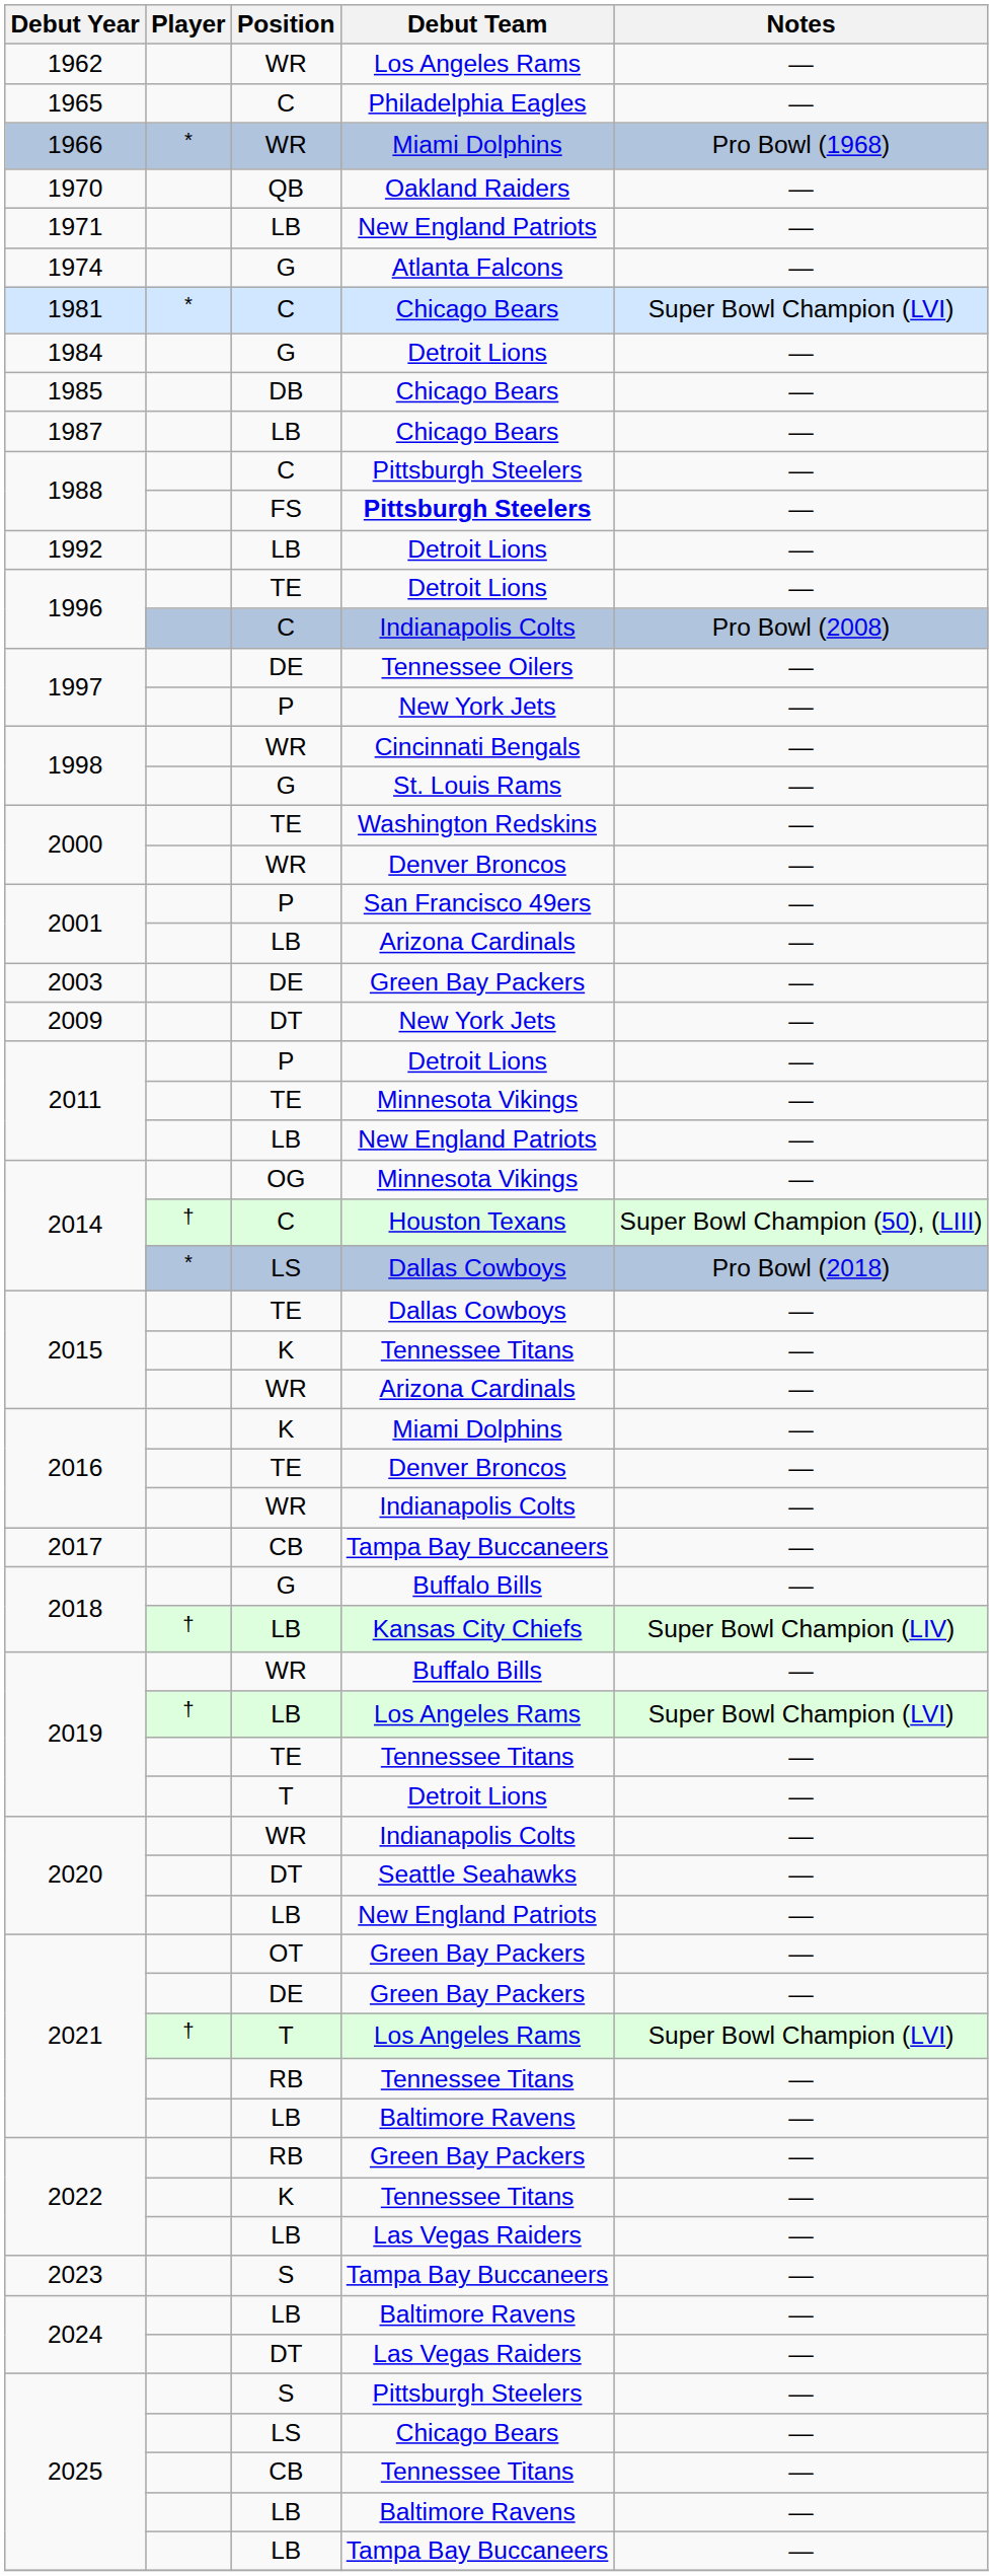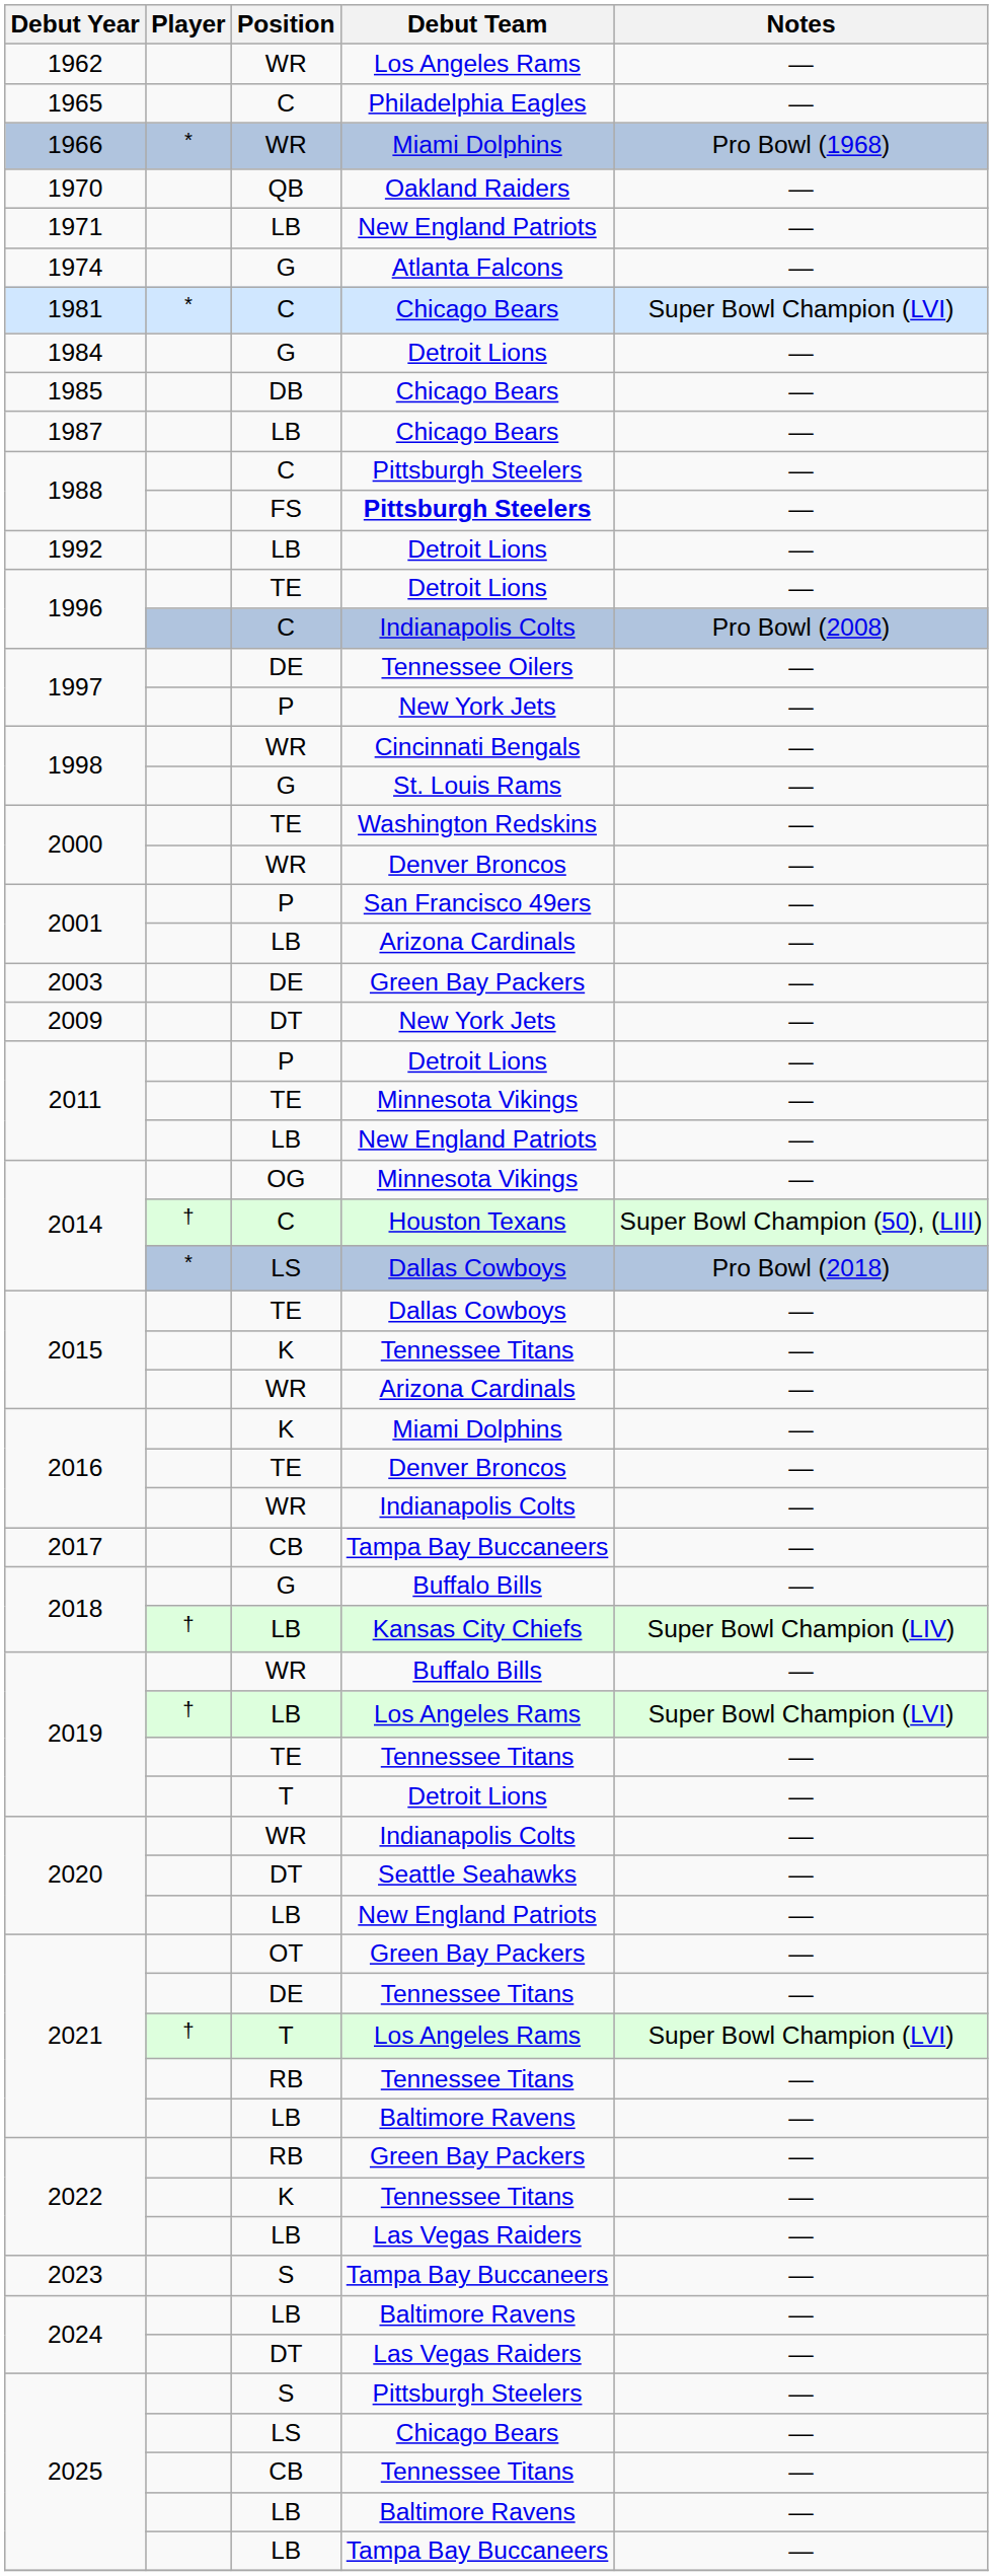 <table class="wikitable sortable" style="text-align: center;">
 <tr>
 <th>Debut Year</th>
 <th>Player</th>
 <th>Position</th>
 <th>Debut Team</th>
 <th>Notes</th>
 </tr>
 <tr>
 <td align="center">1962</td>
 <td align="center"></td>
 <td align="center">WR</td>
 <td align="center"><a href='#'>Los Angeles Rams</a></td>
 <td align="center">—</td>
 </tr>
 <tr>
 <td align="center">1965</td>
 <td align="center"></td>
 <td align="center">C</td>
 <td align="center"><a href='#'>Philadelphia Eagles</a></td>
 <td align="center">—</td>
 </tr>
 <tr style="background-color:lightsteelblue">
 <td align="center">1966</td>
 <td align="center"><sup>*</sup></td>
 <td align="center">WR</td>
 <td align="center"><a href='#'>Miami Dolphins</a></td>
 <td>Pro Bowl (<a href='#'>1968</a>)</td>
 </tr>
 <tr>
 <td align="center">1970</td>
 <td align="center"></td>
 <td align="center">QB</td>
 <td align="center"><a href='#'>Oakland Raiders</a></td>
 <td align="center">—</td>
 </tr>
 <tr>
 <td align="center">1971</td>
 <td align="center"></td>
 <td align="center">LB</td>
 <td align="center"><a href='#'>New England Patriots</a></td>
 <td align="center">—</td>
 </tr>
 <tr>
 <td align="center">1974</td>
 <td align="center"></td>
 <td align="center">G</td>
 <td align="center"><a href='#'>Atlanta Falcons</a></td>
 <td align="center">—</td>
 </tr>
 <tr bgcolor="#D0E7FF">
 <td align="center">1981</td>
 <td align="center"><sup>*</sup></td>
 <td align="center">C</td>
 <td align="center"><a href='#'>Chicago Bears</a></td>
 <td>Super Bowl Champion (<a href='#'>LVI</a>)</td>
 </tr>
 <tr>
 <td align="center">1984</td>
 <td align="center"></td>
 <td align="center">G</td>
 <td align="center"><a href='#'>Detroit Lions</a></td>
 <td align="center">—</td>
 </tr>
 <tr>
 <td align="center">1985</td>
 <td align="center"></td>
 <td align="center">DB</td>
 <td align="center"><a href='#'>Chicago Bears</a></td>
 <td align="center">—</td>
 </tr>
 <tr>
 <td align="center">1987</td>
 <td align="center"></td>
 <td align="center">LB</td>
 <td align="center"><a href='#'>Chicago Bears</a></td>
 <td align="center">—</td>
 </tr>
 <tr>
 <td rowspan="2">1988</td>
 <td align="center"></td>
 <td align="center">C</td>
 <td align="center"><a href='#'>Pittsburgh Steelers</a></td>
 <td align="center">—</td>
 </tr>
 <tr>
 <td align="center"></td>
 <td align="center">FS</td>
 <td align="center"><strong><a href='#'>Pittsburgh Steelers</a></strong></td>
 <td align="center">—</td>
 </tr>
 <tr>
 <td align="center">1992</td>
 <td align="center"></td>
 <td align="center">LB</td>
 <td align="center"><a href='#'>Detroit Lions</a></td>
 <td align="center">—</td>
 </tr>
 <tr>
 <td rowspan="2">1996</td>
 <td align="center"></td>
 <td align="center">TE</td>
 <td align="center"><a href='#'>Detroit Lions</a></td>
 <td align="center">—</td>
 </tr>
 <tr style="background-color:lightsteelblue">
 <td align="center"></td>
 <td align="center">C</td>
 <td align="center"><a href='#'>Indianapolis Colts</a></td>
 <td>Pro Bowl (<a href='#'>2008</a>)</td>
 </tr>
 <tr>
 <td rowspan="2">1997</td>
 <td align="center"></td>
 <td align="center">DE</td>
 <td align="center"><a href='#'>Tennessee Oilers</a></td>
 <td align="center">—</td>
 </tr>
 <tr>
 <td align="center"></td>
 <td align="center">P</td>
 <td align="center"><a href='#'>New York Jets</a></td>
 <td align="center">—</td>
 </tr>
 <tr>
 <td rowspan="2">1998</td>
 <td align="center"></td>
 <td align="center">WR</td>
 <td align="center"><a href='#'>Cincinnati Bengals</a></td>
 <td align="center">—</td>
 </tr>
 <tr>
 <td align="center"></td>
 <td align="center">G</td>
 <td align="center"><a href='#'>St. Louis Rams</a></td>
 <td align="center">—</td>
 </tr>
 <tr>
 <td rowspan="2">2000</td>
 <td align="center"></td>
 <td align="center">TE</td>
 <td align="center"><a href='#'>Washington Redskins</a></td>
 <td align="center">—</td>
 </tr>
 <tr>
 <td align="center"></td>
 <td align="center">WR</td>
 <td align="center"><a href='#'>Denver Broncos</a></td>
 <td align="center">—</td>
 </tr>
 <tr>
 <td rowspan="2">2001</td>
 <td align="center"></td>
 <td align="center">P</td>
 <td align="center"><a href='#'>San Francisco 49ers</a></td>
 <td align="center">—</td>
 </tr>
 <tr>
 <td align="center"></td>
 <td align="center">LB</td>
 <td align="center"><a href='#'>Arizona Cardinals</a></td>
 <td align="center">—</td>
 </tr>
 <tr>
 <td align="center">2003</td>
 <td align="center"></td>
 <td align="center">DE</td>
 <td align="center"><a href='#'>Green Bay Packers</a></td>
 <td align="center">—</td>
 </tr>
 <tr>
 <td align="center">2009</td>
 <td align="center"></td>
 <td align="center">DT</td>
 <td align="center"><a href='#'>New York Jets</a></td>
 <td align="center">—</td>
 </tr>
 <tr>
 <td rowspan="3">2011</td>
 <td align="center"></td>
 <td align="center">P</td>
 <td align="center"><a href='#'>Detroit Lions</a></td>
 <td align="center">—</td>
 </tr>
 <tr>
 <td align="center"></td>
 <td align="center">TE</td>
 <td align="center"><a href='#'>Minnesota Vikings</a></td>
 <td align="center">—</td>
 </tr>
 <tr>
 <td align="center"></td>
 <td align="center">LB</td>
 <td align="center"><a href='#'>New England Patriots</a></td>
 <td align="center">—</td>
 </tr>
 <tr>
 <td rowspan="3">2014</td>
 <td align="center"></td>
 <td align="center">OG</td>
 <td align="center"><a href='#'>Minnesota Vikings</a></td>
 <td align="center">—</td>
 </tr>
 <tr bgcolor="#DDFFDD">
 <td align="center"><sup>†</sup></td>
 <td align="center">C</td>
 <td align="center"><a href='#'>Houston Texans</a></td>
 <td>Super Bowl Champion (<a href='#'>50</a>), (<a href='#'>LIII</a>)</td>
 </tr>
 <tr style="background-color:lightsteelblue">
 <td align="center"><sup>*</sup></td>
 <td align="center">LS</td>
 <td align="center"><a href='#'>Dallas Cowboys</a></td>
 <td>Pro Bowl (<a href='#'>2018</a>)</td>
 </tr>
 <tr>
 <td rowspan="3">2015</td>
 <td align="center"></td>
 <td align="center">TE</td>
 <td align="center"><a href='#'>Dallas Cowboys</a></td>
 <td align="center">—</td>
 </tr>
 <tr>
 <td align="center"></td>
 <td align="center">K</td>
 <td align="center"><a href='#'>Tennessee Titans</a></td>
 <td align="center">—</td>
 </tr>
 <tr>
 <td align="center"></td>
 <td align="center">WR</td>
 <td align="center"><a href='#'>Arizona Cardinals</a></td>
 <td align="center">—</td>
 </tr>
 <tr>
 <td rowspan="3">2016</td>
 <td align="center"></td>
 <td align="center">K</td>
 <td align="center"><a href='#'>Miami Dolphins</a></td>
 <td align="center">—</td>
 </tr>
 <tr>
 <td align="center"></td>
 <td align="center">TE</td>
 <td align="center"><a href='#'>Denver Broncos</a></td>
 <td align="center">—</td>
 </tr>
 <tr>
 <td align="center"></td>
 <td align="center">WR</td>
 <td align="center"><a href='#'>Indianapolis Colts</a></td>
 <td align="center">—</td>
 </tr>
 <tr>
 <td align="center">2017</td>
 <td align="center"></td>
 <td align="center">CB</td>
 <td align="center"><a href='#'>Tampa Bay Buccaneers</a></td>
 <td align="center">—</td>
 </tr>
 <tr>
 <td rowspan="2">2018</td>
 <td align="center"></td>
 <td align="center">G</td>
 <td align="center"><a href='#'>Buffalo Bills</a></td>
 <td align="center">—</td>
 </tr>
 <tr bgcolor="#DDFFDD">
 <td align="center"><sup>†</sup></td>
 <td align="center">LB</td>
 <td align="center"><a href='#'>Kansas City Chiefs</a></td>
 <td>Super Bowl Champion (<a href='#'>LIV</a>)</td>
 </tr>
 <tr>
 <td rowspan="4">2019</td>
 <td align="center"></td>
 <td align="center">WR</td>
 <td align="center"><a href='#'>Buffalo Bills</a></td>
 <td align="center">—</td>
 </tr>
 <tr bgcolor="#DDFFDD">
 <td align="center"><sup>†</sup></td>
 <td align="center">LB</td>
 <td align="center"><a href='#'>Los Angeles Rams</a></td>
 <td>Super Bowl Champion (<a href='#'>LVI</a>)</td>
 </tr>
 <tr>
 <td align="center"></td>
 <td align="center">TE</td>
 <td align="center"><a href='#'>Tennessee Titans</a></td>
 <td align="center">—</td>
 </tr>
 <tr>
 <td align="center"></td>
 <td align="center">T</td>
 <td align="center"><a href='#'>Detroit Lions</a></td>
 <td align="center">—</td>
 </tr>
 <tr>
 <td rowspan="3">2020</td>
 <td align="center"></td>
 <td align="center">WR</td>
 <td align="center"><a href='#'>Indianapolis Colts</a></td>
 <td align="center">—</td>
 </tr>
 <tr>
 <td align="center"></td>
 <td align="center">DT</td>
 <td align="center"><a href='#'>Seattle Seahawks</a></td>
 <td align="center">—</td>
 </tr>
 <tr>
 <td align="center"></td>
 <td align="center">LB</td>
 <td align="center"><a href='#'>New England Patriots</a></td>
 <td align="center">—</td>
 </tr>
 <tr>
 <td rowspan="5">2021</td>
 <td align="center"></td>
 <td align="center">OT</td>
 <td align="center"><a href='#'>Green Bay Packers</a></td>
 <td align="center">—</td>
 </tr>
 <tr>
 <td align="center"></td>
 <td align="center">DE</td>
-<td align="center"><a href='#'>Green Bay Packers</a></td>
+<td align="center"><a href='#'>Tennessee Titans</a></td>
 <td align="center">—</td>
 </tr>
 <tr bgcolor="#DDFFDD">
 <td align="center"><sup>†</sup></td>
 <td align="center">T</td>
 <td align="center"><a href='#'>Los Angeles Rams</a></td>
 <td>Super Bowl Champion (<a href='#'>LVI</a>)</td>
 </tr>
 <tr>
 <td align="center"></td>
 <td align="center">RB</td>
 <td align="center"><a href='#'>Tennessee Titans</a></td>
 <td align="center">—</td>
 </tr>
 <tr>
 <td align="center"></td>
 <td align="center">LB</td>
 <td align="center"><a href='#'>Baltimore Ravens</a></td>
 <td align="center">—</td>
 </tr>
 <tr>
 <td rowspan="3">2022</td>
 <td align="center"></td>
 <td align="center">RB</td>
 <td align="center"><a href='#'>Green Bay Packers</a></td>
 <td align="center">—</td>
 </tr>
 <tr>
 <td align="center"></td>
 <td align="center">K</td>
 <td align="center"><a href='#'>Tennessee Titans</a></td>
 <td align="center">—</td>
 </tr>
 <tr>
 <td align="center"></td>
 <td align="center">LB</td>
 <td align="center"><a href='#'>Las Vegas Raiders</a></td>
 <td align="center">—</td>
 </tr>
 <tr>
 <td align="center">2023</td>
 <td align="center"></td>
 <td align="center">S</td>
 <td align="center"><a href='#'>Tampa Bay Buccaneers</a></td>
 <td align="center">—</td>
 </tr>
 <tr>
 <td rowspan="2">2024</td>
 <td align="center"></td>
 <td align="center">LB</td>
 <td align="center"><a href='#'>Baltimore Ravens</a></td>
 <td align="center">—</td>
 </tr>
 <tr>
 <td align="center"></td>
 <td align="center">DT</td>
 <td align="center"><a href='#'>Las Vegas Raiders</a></td>
 <td align="center">—</td>
 </tr>
 <tr>
 <td rowspan="5">2025</td>
 <td align="center"></td>
 <td align="center">S</td>
 <td align="center"><a href='#'>Pittsburgh Steelers</a></td>
 <td align="center">—</td>
 </tr>
 <tr>
 <td align="center"></td>
 <td align="center">LS</td>
 <td align="center"><a href='#'>Chicago Bears</a></td>
 <td align="center">—</td>
 </tr>
 <tr>
 <td align="center"></td>
 <td align="center">CB</td>
 <td align="center"><a href='#'>Tennessee Titans</a></td>
 <td align="center">—</td>
 </tr>
 <tr>
 <td align="center"></td>
 <td align="center">LB</td>
 <td align="center"><a href='#'>Baltimore Ravens</a></td>
 <td align="center">—</td>
 </tr>
 <tr>
 <td align="center"></td>
 <td align="center">LB</td>
 <td align="center"><a href='#'>Tampa Bay Buccaneers</a></td>
 <td align="center">—</td>
 </tr>
 <tr>
 </tr>
 </table>
